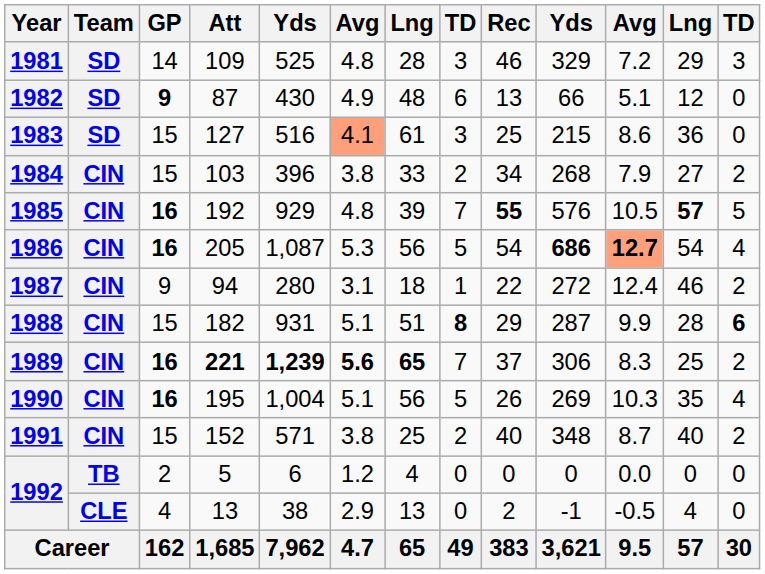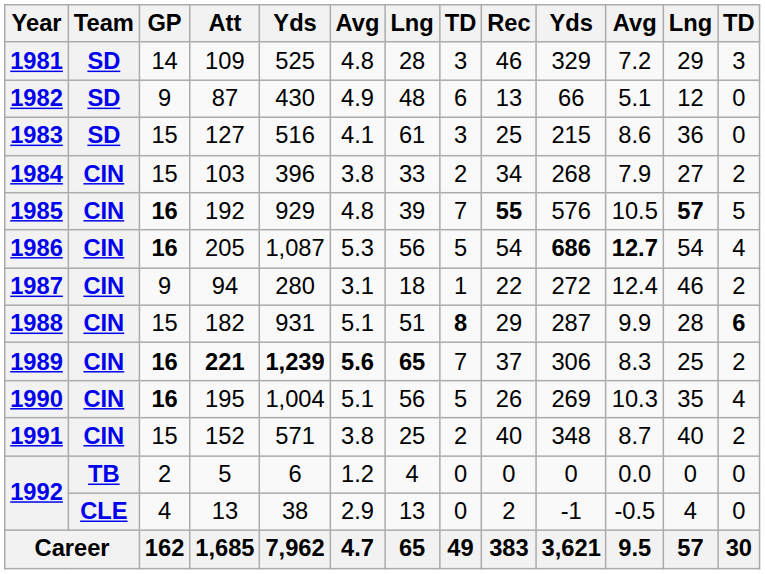 <table class="wikitable" style="text-align: center;">
 <tr>
 <th>Year</th>
 <th>Team</th>
 <th>GP</th>
 <th>Att</th>
 <th>Yds</th>
 <th>Avg</th>
 <th>Lng</th>
 <th>TD</th>
 <th>Rec</th>
 <th>Yds</th>
 <th>Avg</th>
 <th>Lng</th>
 <th>TD</th>
 </tr>
 <tr>
 <th><a href='#'>1981</a></th>
 <th><a href='#'>SD</a></th>
 <td>14</td>
 <td>109</td>
 <td>525</td>
 <td>4.8</td>
 <td>28</td>
 <td>3</td>
 <td>46</td>
 <td>329</td>
 <td>7.2</td>
 <td>29</td>
 <td>3</td>
 </tr>
 <tr>
 <th><a href='#'>1982</a></th>
 <th><a href='#'>SD</a></th>
-<td><strong>9</strong></td>
+<td>9</td>
 <td>87</td>
 <td>430</td>
 <td>4.9</td>
 <td>48</td>
 <td>6</td>
 <td>13</td>
 <td>66</td>
 <td>5.1</td>
 <td>12</td>
 <td>0</td>
 </tr>
 <tr>
 <th><a href='#'>1983</a></th>
 <th><a href='#'>SD</a></th>
 <td>15</td>
 <td>127</td>
 <td>516</td>
-<td style="background: lightsalmon;">4.1</td>
+<td>4.1</td>
 <td>61</td>
 <td>3</td>
 <td>25</td>
 <td>215</td>
 <td>8.6</td>
 <td>36</td>
 <td>0</td>
 </tr>
 <tr>
 <th><a href='#'>1984</a></th>
 <th><a href='#'>CIN</a></th>
 <td>15</td>
 <td>103</td>
 <td>396</td>
 <td>3.8</td>
 <td>33</td>
 <td>2</td>
 <td>34</td>
 <td>268</td>
 <td>7.9</td>
 <td>27</td>
 <td>2</td>
 </tr>
 <tr>
 <th><a href='#'>1985</a></th>
 <th><a href='#'>CIN</a></th>
 <td><strong>16</strong></td>
 <td>192</td>
 <td>929</td>
 <td>4.8</td>
 <td>39</td>
 <td>7</td>
 <td><strong>55</strong></td>
 <td>576</td>
 <td>10.5</td>
 <td><strong>57</strong></td>
 <td>5</td>
 </tr>
 <tr>
 <th><a href='#'>1986</a></th>
 <th><a href='#'>CIN</a></th>
 <td><strong>16</strong></td>
 <td>205</td>
 <td>1,087</td>
 <td>5.3</td>
 <td>56</td>
 <td>5</td>
 <td>54</td>
 <td><strong>686</strong></td>
-<td style="background: lightsalmon;"><strong>12.7</strong></td>
+<td><strong>12.7</strong></td>
 <td>54</td>
 <td>4</td>
 </tr>
 <tr>
 <th><a href='#'>1987</a></th>
 <th><a href='#'>CIN</a></th>
 <td>9</td>
 <td>94</td>
 <td>280</td>
 <td>3.1</td>
 <td>18</td>
 <td>1</td>
 <td>22</td>
 <td>272</td>
 <td>12.4</td>
 <td>46</td>
 <td>2</td>
 </tr>
 <tr>
 <th><a href='#'>1988</a></th>
 <th><a href='#'>CIN</a></th>
 <td>15</td>
 <td>182</td>
 <td>931</td>
 <td>5.1</td>
 <td>51</td>
 <td><strong>8</strong></td>
 <td>29</td>
 <td>287</td>
 <td>9.9</td>
 <td>28</td>
 <td><strong>6</strong></td>
 </tr>
 <tr>
 <th><a href='#'>1989</a></th>
 <th><a href='#'>CIN</a></th>
 <td><strong>16</strong></td>
 <td><strong>221</strong></td>
 <td><strong>1,239</strong></td>
 <td><strong>5.6</strong></td>
 <td><strong>65</strong></td>
 <td>7</td>
 <td>37</td>
 <td>306</td>
 <td>8.3</td>
 <td>25</td>
 <td>2</td>
 </tr>
 <tr>
 <th><a href='#'>1990</a></th>
 <th><a href='#'>CIN</a></th>
 <td><strong>16</strong></td>
 <td>195</td>
 <td>1,004</td>
 <td>5.1</td>
 <td>56</td>
 <td>5</td>
 <td>26</td>
 <td>269</td>
 <td>10.3</td>
 <td>35</td>
 <td>4</td>
 </tr>
 <tr>
 <th><a href='#'>1991</a></th>
 <th><a href='#'>CIN</a></th>
 <td>15</td>
 <td>152</td>
 <td>571</td>
 <td>3.8</td>
 <td>25</td>
 <td>2</td>
 <td>40</td>
 <td>348</td>
 <td>8.7</td>
 <td>40</td>
 <td>2</td>
 </tr>
 <tr>
 <th rowspan="2"><a href='#'>1992</a></th>
 <th><a href='#'>TB</a></th>
 <td>2</td>
 <td>5</td>
 <td>6</td>
 <td>1.2</td>
 <td>4</td>
 <td>0</td>
 <td>0</td>
 <td>0</td>
 <td>0.0</td>
 <td>0</td>
 <td>0</td>
 </tr>
 <tr>
 <th><a href='#'>CLE</a></th>
 <td>4</td>
 <td>13</td>
 <td>38</td>
 <td>2.9</td>
 <td>13</td>
 <td>0</td>
 <td>2</td>
 <td>-1</td>
 <td>-0.5</td>
 <td>4</td>
 <td>0</td>
 </tr>
 <tr>
 <th colspan="2">Career</th>
 <th>162</th>
 <th>1,685</th>
 <th>7,962</th>
 <th>4.7</th>
 <th>65</th>
 <th>49</th>
 <th>383</th>
 <th>3,621</th>
 <th>9.5</th>
 <th>57</th>
 <th>30</th>
 </tr>
 </table>
